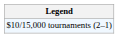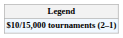 <table class="wikitable" style="font-size:85%;">
 <tr>
 <th>Legend</th>
 </tr>
 <tr style="background:#f0f8ff;">
-<td>$10/15,000 tournaments (2–1)</td>
+<td><strong>$10/15,000 tournaments (2–1)</strong></td>
 </tr>
 </table>
